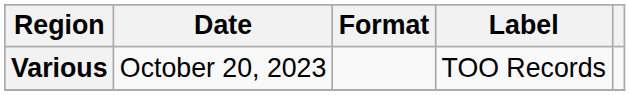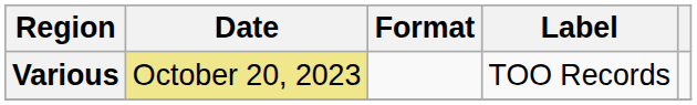 <table class="wikitable plainrowheaders">
 <tr>
 <th scope="col">Region</th>
 <th scope="col">Date</th>
 <th scope="col">Format</th>
 <th scope="col">Label</th>
 <th scope="col"></th>
 </tr>
 <tr>
 <th scope="row">Various</th>
-<td>October 20, 2023</td>
+<td style="background: khaki;">October 20, 2023</td>
 <td></td>
 <td>TOO Records</td>
 <td style="text-align:center"></td>
 </tr>
 <tr>
 </tr>
 </table>
